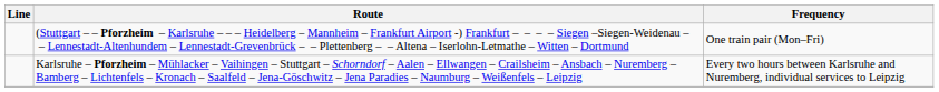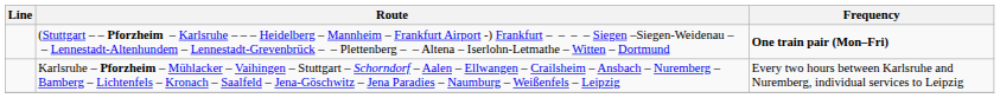 <table class="wikitable" width="100%">
 <tr>
 <th>Line</th>
 <th>Route</th>
 <th>Frequency</th>
 </tr>
 <tr>
 <td></td>
 <td>(<a href='#'>Stuttgart</a> –   – <strong>Pforzheim</strong>  – <a href='#'>Karlsruhe</a> –  –  – <a href='#'>Heidelberg</a> – <a href='#'>Mannheim</a> – <a href='#'>Frankfurt Airport</a> -) <a href='#'>Frankfurt</a> –  –  –  – <a href='#'>Siegen</a> –Siegen-Weidenau –  – <a href='#'>Lennestadt-Altenhundem</a> – <a href='#'>Lennestadt-Grevenbrück</a> –  – Plettenberg –  – Altena – Iserlohn-Letmathe – <a href='#'>Witten</a> – <a href='#'>Dortmund</a></td>
-<td>One train pair (Mon–Fri)</td>
+<td><strong>One train pair (Mon–Fri)</strong></td>
 </tr>
 <tr>
 <td></td>
 <td>Karlsruhe – <strong>Pforzheim</strong> – <a href='#'>Mühlacker</a> – <a href='#'>Vaihingen</a> – Stuttgart – <em><a href='#'>Schorndorf</a></em> –  <a href='#'>Aalen</a> – <a href='#'>Ellwangen</a> – <a href='#'>Crailsheim</a> – <a href='#'>Ansbach</a> – <a href='#'>Nuremberg</a> – <a href='#'>Bamberg</a> – <a href='#'>Lichtenfels</a> – <a href='#'>Kronach</a> – <a href='#'>Saalfeld</a> – <a href='#'>Jena-Göschwitz</a> – <a href='#'>Jena Paradies</a> – <a href='#'>Naumburg</a> – <a href='#'>Weißenfels</a> – <a href='#'>Leipzig</a></td>
 <td>Every two hours between Karlsruhe and Nuremberg, individual services to Leipzig</td>
 </tr>
 <tr>
 </tr>
 </table>
